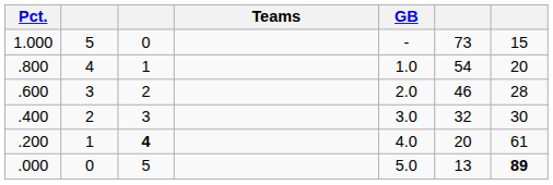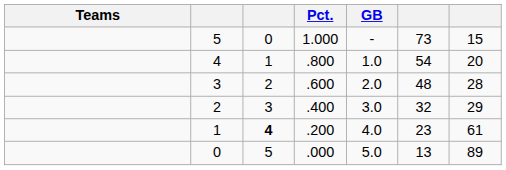 <table class="wikitable" style="text-align:center;">
 <tr>
-<th width=50px><a href='#'>Pct.</a></th>
+<th width=200px>Teams</th>
 <th width=50px></th>
 <th width=50px></th>
-<th width=200px>Teams</th>
+<th width=50px><a href='#'>Pct.</a></th>
 <th width=50px><a href='#'>GB</a></th>
 <th width=50px></th>
 <th width=50px></th>
 </tr>
 <tr style="background-color:">
-<td>1.000</td>
+<td align=left></td>
 <td>5</td>
 <td>0</td>
-<td align=left></td>
+<td>1.000</td>
 <td>-</td>
 <td>73</td>
 <td>15</td>
 </tr>
 <tr style="background-color:">
-<td>.800</td>
+<td align=left></td>
 <td>4</td>
 <td>1</td>
-<td align=left></td>
+<td>.800</td>
 <td>1.0</td>
 <td>54</td>
 <td>20</td>
 </tr>
 <tr style="background-color:">
-<td>.600</td>
+<td align=left></td>
 <td>3</td>
 <td>2</td>
-<td align=left></td>
+<td>.600</td>
 <td>2.0</td>
-<td>46</td>
+<td>48</td>
 <td>28</td>
 </tr>
 <tr style="background-color:">
-<td>.400</td>
+<td align=left></td>
 <td>2</td>
 <td>3</td>
-<td align=left></td>
+<td>.400</td>
 <td>3.0</td>
 <td>32</td>
-<td>30</td>
+<td>29</td>
 </tr>
 <tr style="background-color:">
-<td>.200</td>
+<td align=left></td>
 <td>1</td>
 <td><strong>4</strong></td>
-<td align=left></td>
+<td>.200</td>
 <td>4.0</td>
-<td>20</td>
+<td>23</td>
 <td>61</td>
 </tr>
 <tr style="background-color:">
-<td>.000</td>
+<td align=left></td>
 <td>0</td>
 <td>5</td>
-<td align=left></td>
+<td>.000</td>
 <td>5.0</td>
 <td>13</td>
-<td><strong>89</strong></td>
+<td>89</td>
 </tr>
 </table>
